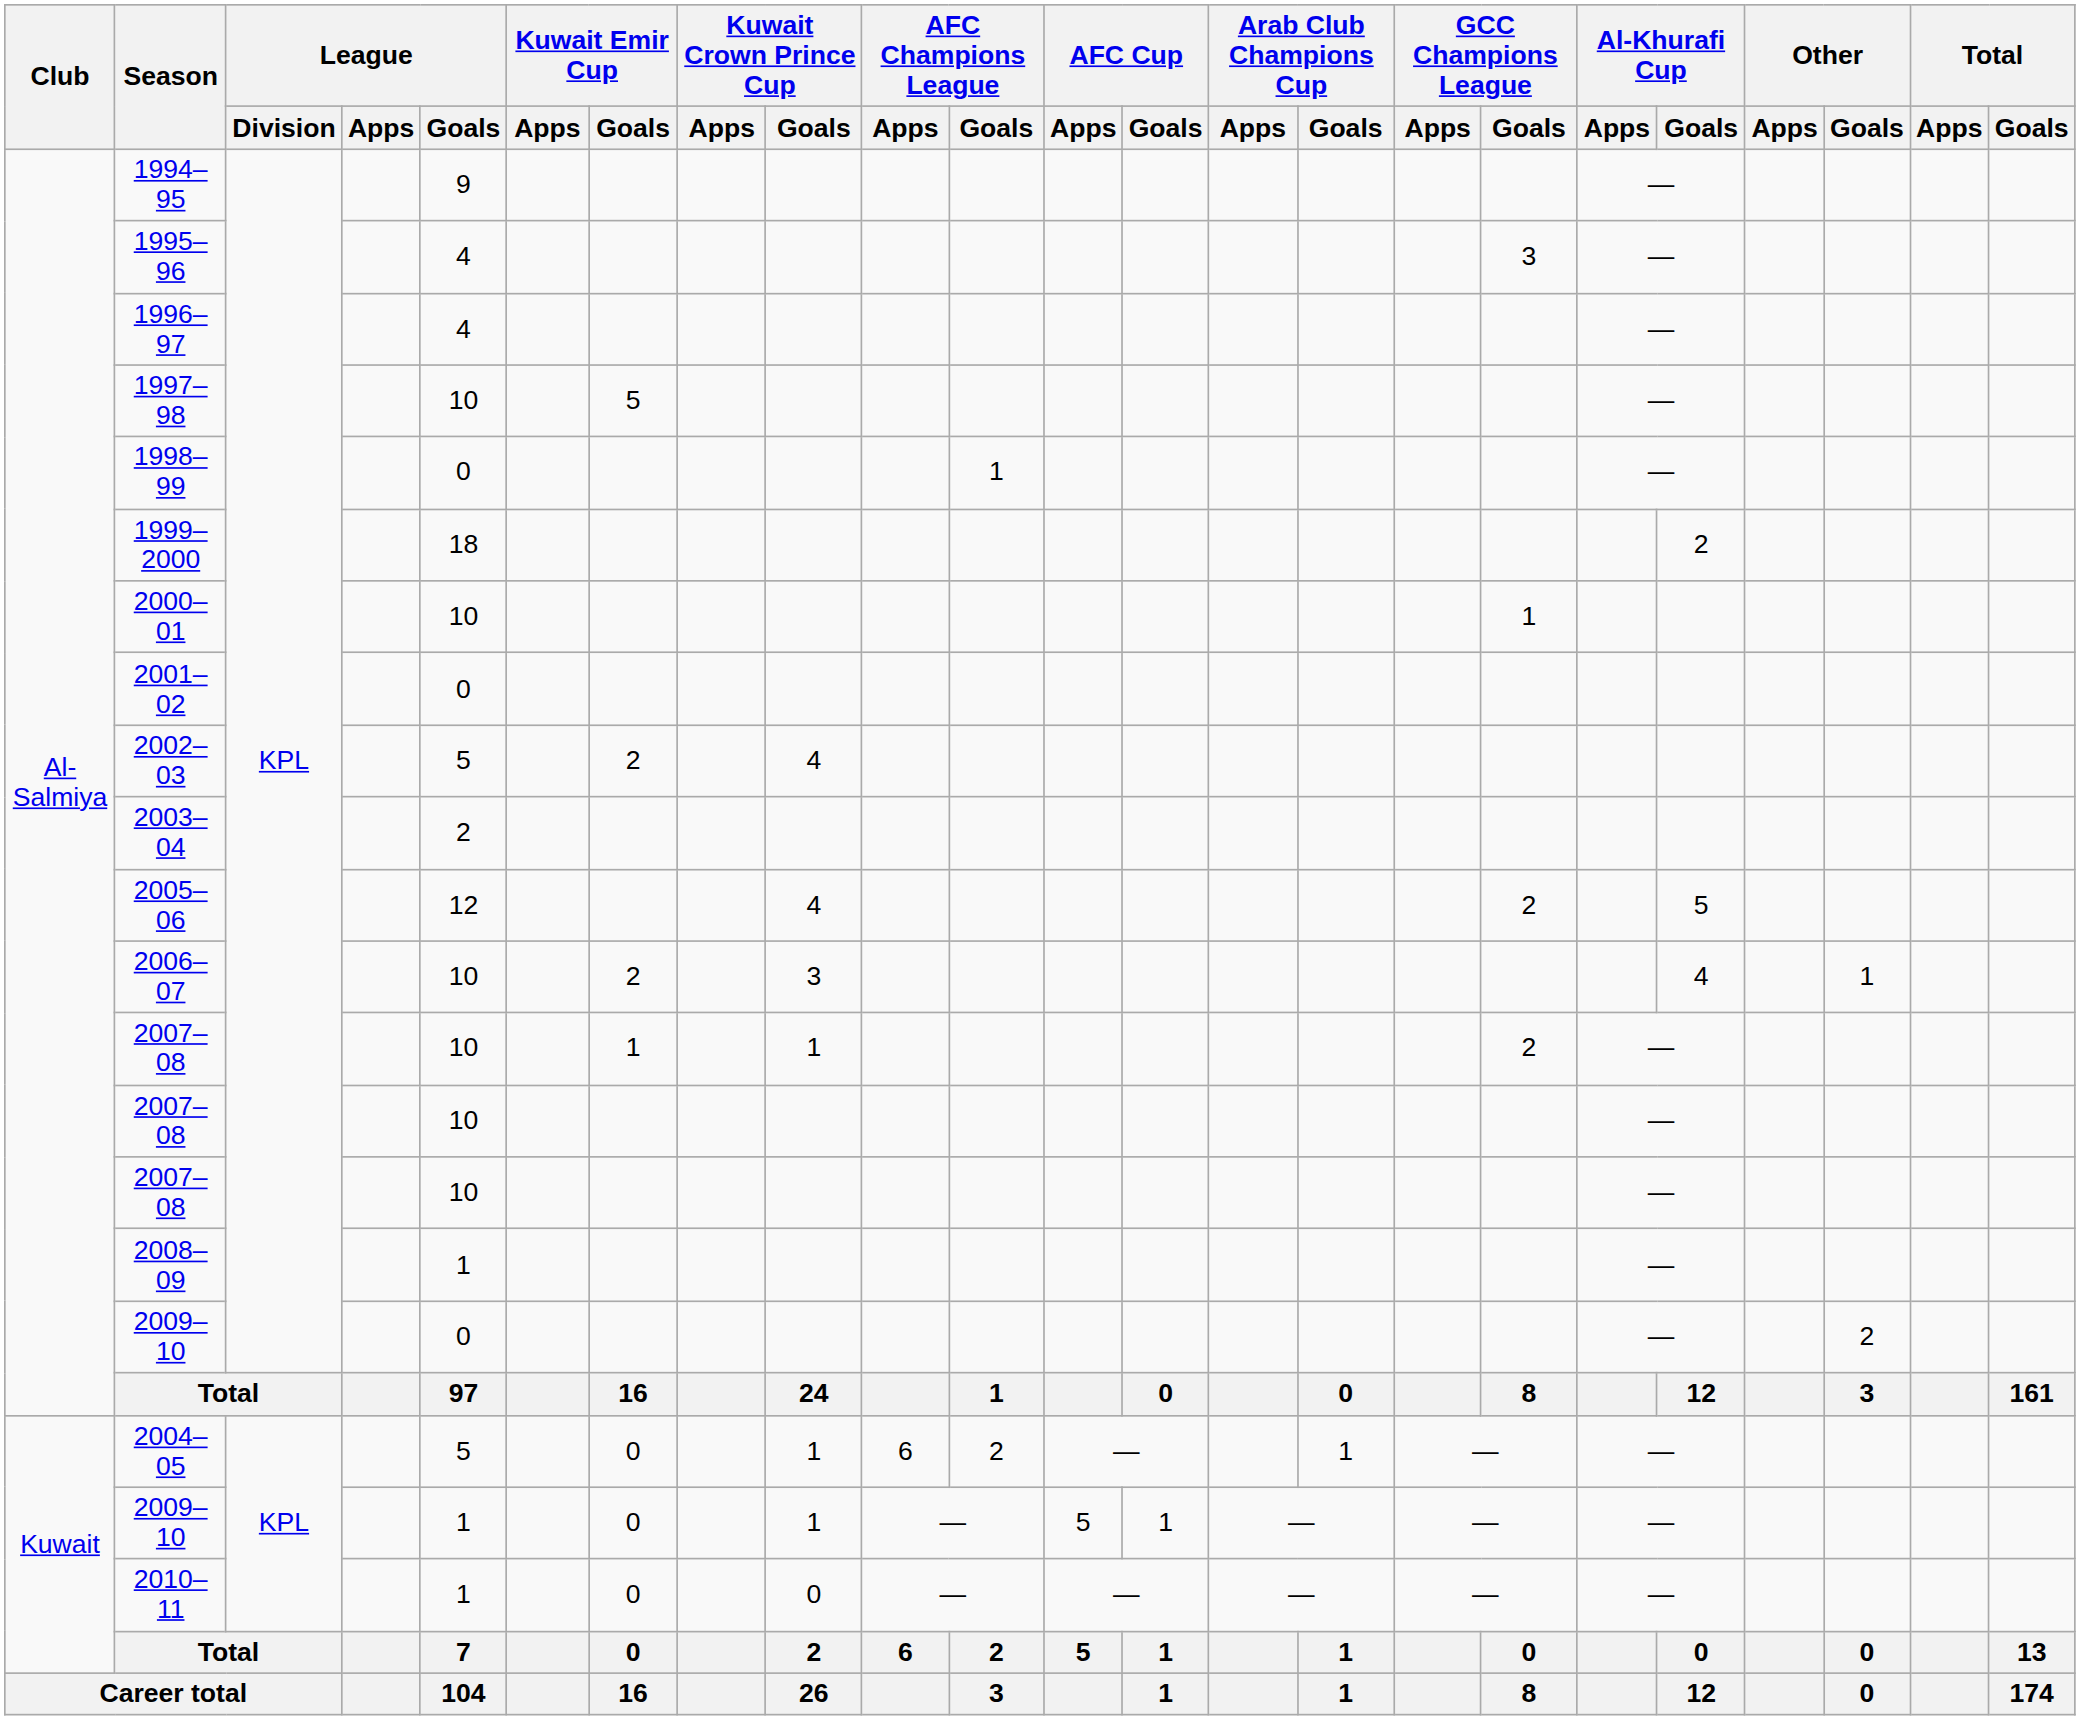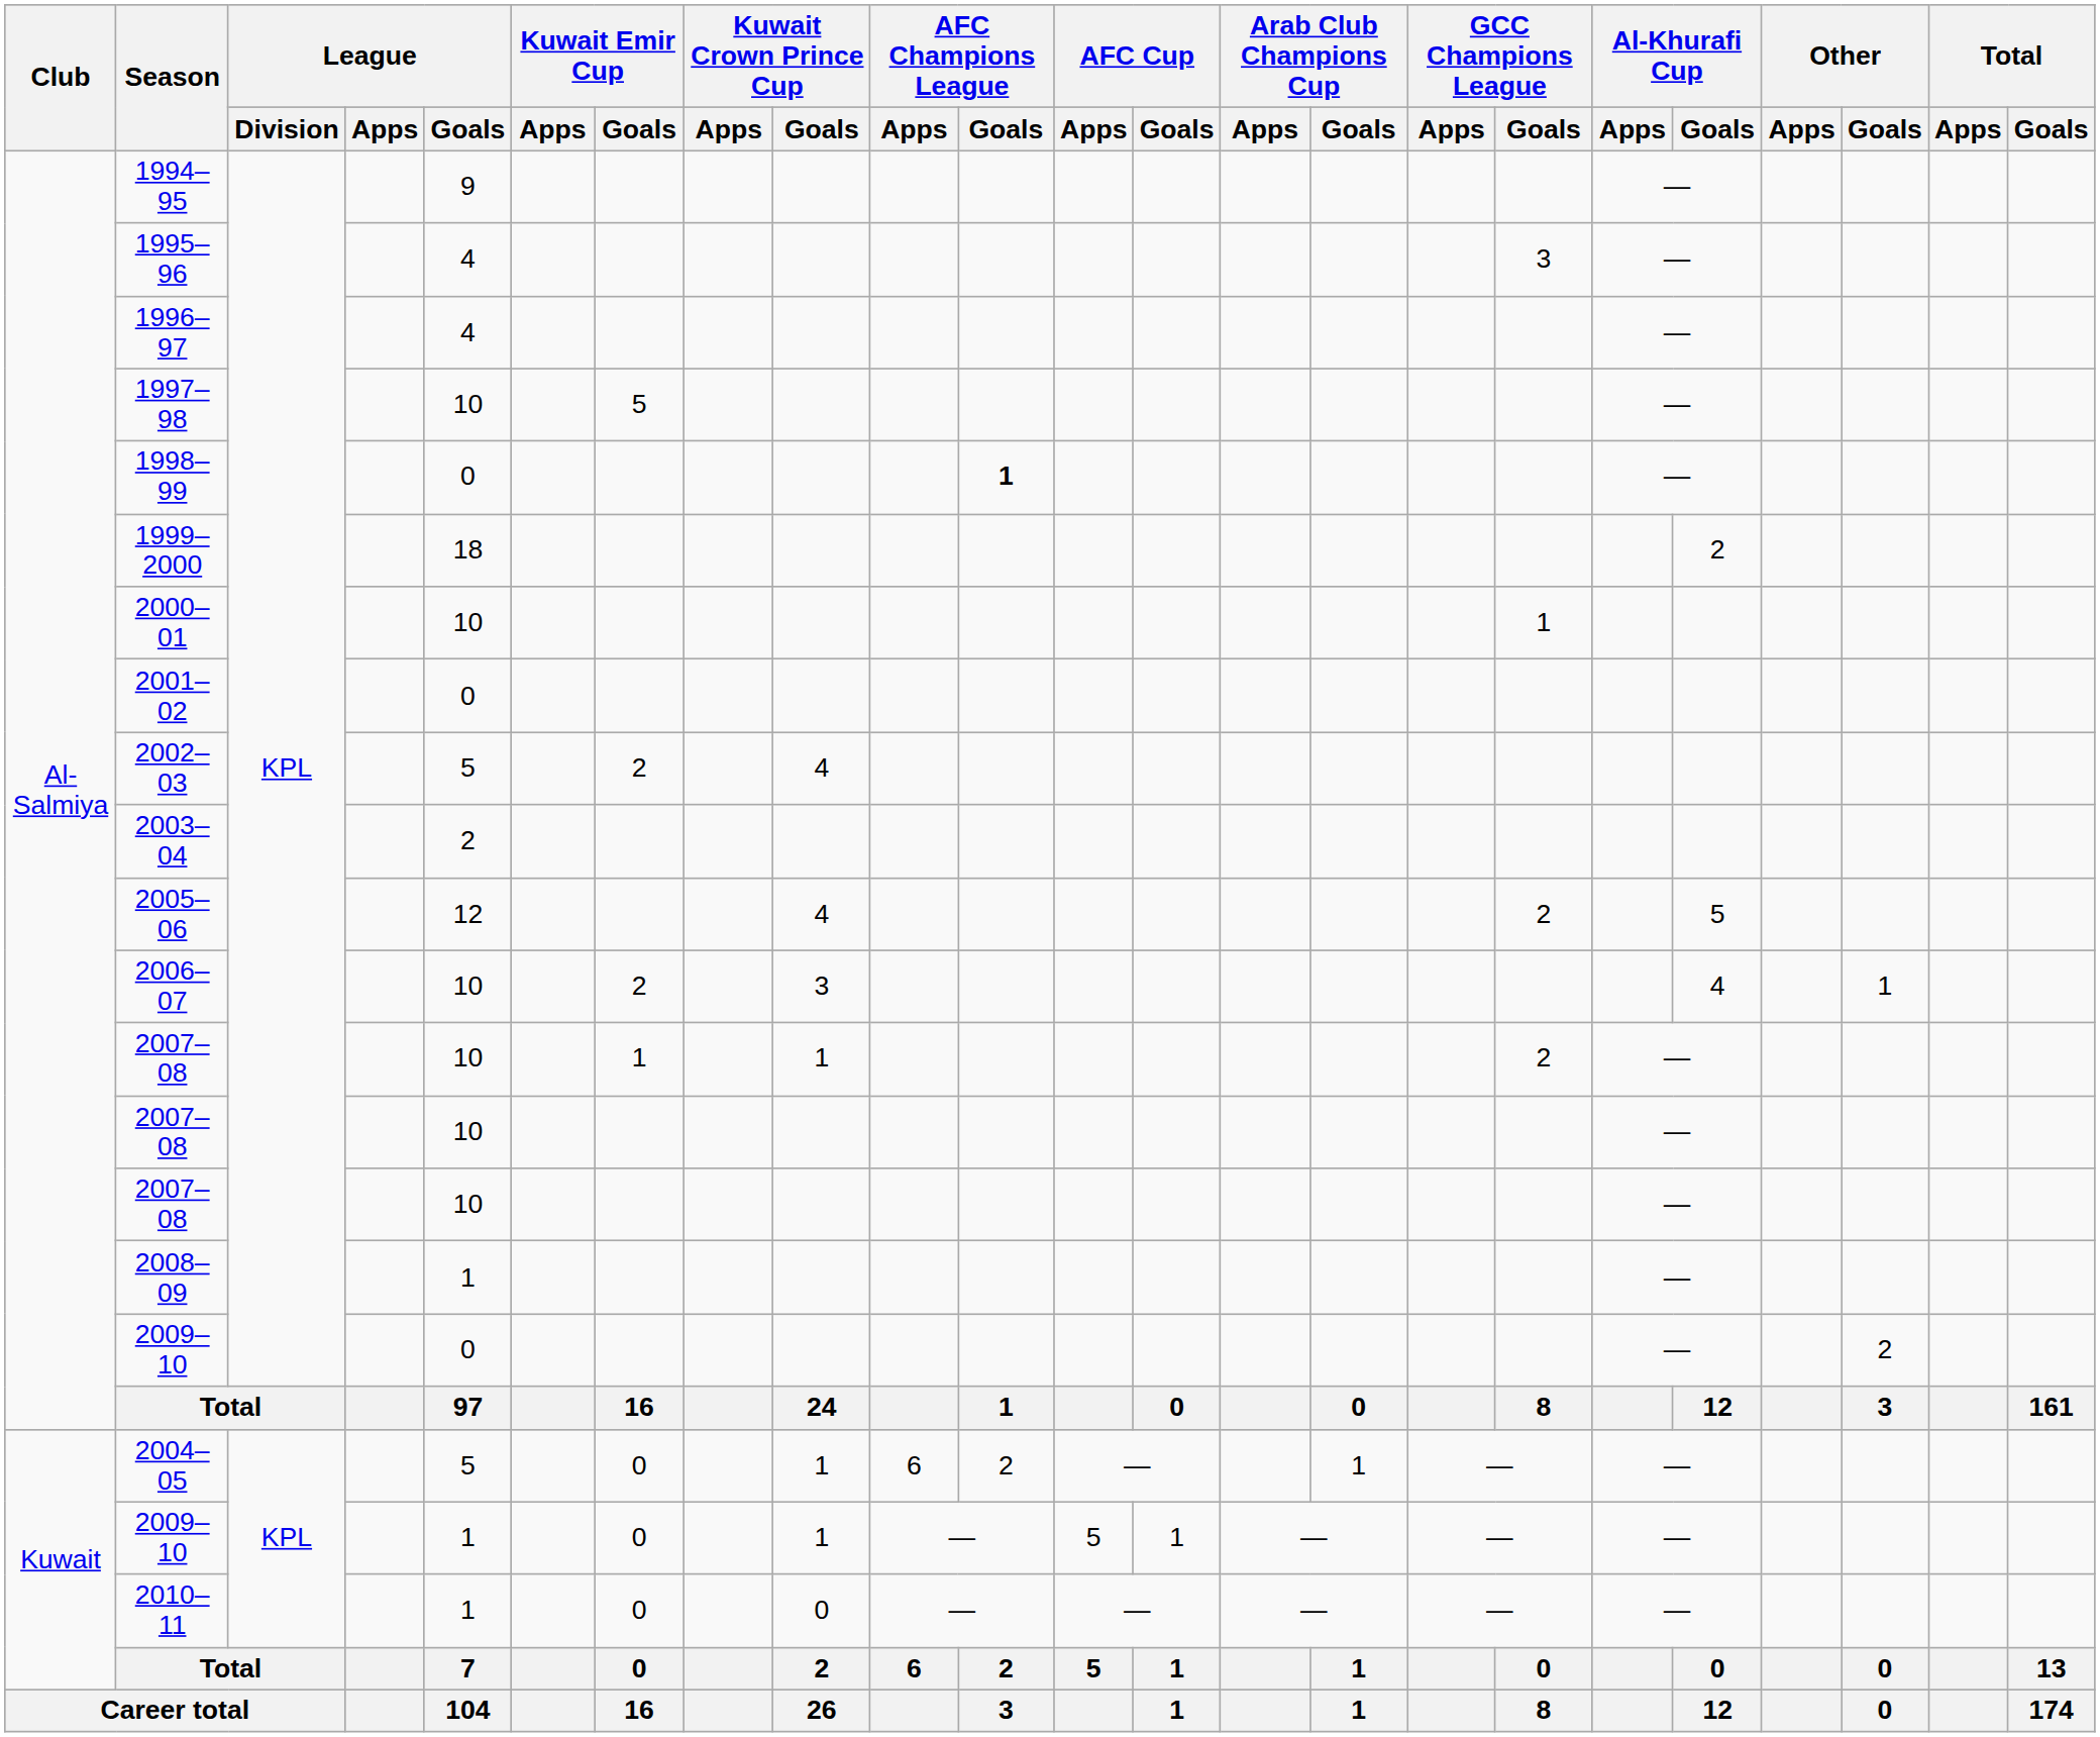 <table class="wikitable" style="text-align:center">
 <tr>
 <th rowspan="2">Club</th>
 <th rowspan="2">Season</th>
 <th colspan="3">League</th>
 <th colspan="2"><a href='#'>Kuwait Emir Cup</a></th>
 <th colspan="2"><a href='#'>Kuwait Crown Prince Cup</a></th>
 <th colspan="2"><a href='#'>AFC Champions League</a></th>
 <th colspan="2"><a href='#'>AFC Cup</a></th>
 <th colspan="2"><a href='#'>Arab Club Champions Cup</a></th>
 <th colspan="2"><a href='#'>GCC Champions League</a></th>
 <th colspan="2"><a href='#'>Al-Khurafi Cup</a></th>
 <th colspan="2">Other</th>
 <th colspan="2">Total</th>
 </tr>
 <tr>
 <th>Division</th>
 <th>Apps</th>
 <th>Goals</th>
 <th>Apps</th>
 <th>Goals</th>
 <th>Apps</th>
 <th>Goals</th>
 <th>Apps</th>
 <th>Goals</th>
 <th>Apps</th>
 <th>Goals</th>
 <th>Apps</th>
 <th>Goals</th>
 <th>Apps</th>
 <th>Goals</th>
 <th>Apps</th>
 <th>Goals</th>
 <th>Apps</th>
 <th>Goals</th>
 <th>Apps</th>
 <th>Goals</th>
 </tr>
 <tr align=center>
 <td rowspan="18" align=center valign=center><a href='#'>Al-Salmiya</a></td>
 <td><a href='#'>1994–95</a></td>
 <td rowspan="17"><a href='#'>KPL</a></td>
 <td></td>
 <td>9</td>
 <td></td>
 <td></td>
 <td></td>
 <td></td>
 <td></td>
 <td></td>
 <td></td>
 <td></td>
 <td></td>
 <td></td>
 <td></td>
 <td></td>
 <td colspan="2">—</td>
 <td></td>
 <td></td>
 <td></td>
 <td></td>
 </tr>
 <tr>
 <td><a href='#'>1995–96</a></td>
 <td></td>
 <td>4</td>
 <td></td>
 <td></td>
 <td></td>
 <td></td>
 <td></td>
 <td></td>
 <td></td>
 <td></td>
 <td></td>
 <td></td>
 <td></td>
 <td>3</td>
 <td colspan="2">—</td>
 <td></td>
 <td></td>
 <td></td>
 <td></td>
 </tr>
 <tr>
 <td><a href='#'>1996–97</a></td>
 <td></td>
 <td>4</td>
 <td></td>
 <td></td>
 <td></td>
 <td></td>
 <td></td>
 <td></td>
 <td></td>
 <td></td>
 <td></td>
 <td></td>
 <td></td>
 <td></td>
 <td colspan="2">—</td>
 <td></td>
 <td></td>
 <td></td>
 <td></td>
 </tr>
 <tr>
 <td><a href='#'>1997–98</a></td>
 <td></td>
 <td>10</td>
 <td></td>
 <td>5</td>
 <td></td>
 <td></td>
 <td></td>
 <td></td>
 <td></td>
 <td></td>
 <td></td>
 <td></td>
 <td></td>
 <td></td>
 <td colspan="2">—</td>
 <td></td>
 <td></td>
 <td></td>
 <td></td>
 </tr>
 <tr>
 <td><a href='#'>1998–99</a></td>
 <td></td>
 <td>0</td>
 <td></td>
 <td></td>
 <td></td>
 <td></td>
 <td></td>
-<td>1</td>
+<td><strong>1</strong></td>
 <td></td>
 <td></td>
 <td></td>
 <td></td>
 <td></td>
 <td></td>
 <td colspan="2">—</td>
 <td></td>
 <td></td>
 <td></td>
 <td></td>
 </tr>
 <tr>
 <td><a href='#'>1999–2000</a></td>
 <td></td>
 <td>18</td>
 <td></td>
 <td></td>
 <td></td>
 <td></td>
 <td></td>
 <td></td>
 <td></td>
 <td></td>
 <td></td>
 <td></td>
 <td></td>
 <td></td>
 <td></td>
 <td>2</td>
 <td></td>
 <td></td>
 <td></td>
 <td></td>
 </tr>
 <tr>
 <td><a href='#'>2000–01</a></td>
 <td></td>
 <td>10</td>
 <td></td>
 <td></td>
 <td></td>
 <td></td>
 <td></td>
 <td></td>
 <td></td>
 <td></td>
 <td></td>
 <td></td>
 <td></td>
 <td>1</td>
 <td></td>
 <td></td>
 <td></td>
 <td></td>
 <td></td>
 <td></td>
 </tr>
 <tr>
 <td><a href='#'>2001–02</a></td>
 <td></td>
 <td>0</td>
 <td></td>
 <td></td>
 <td></td>
 <td></td>
 <td></td>
 <td></td>
 <td></td>
 <td></td>
 <td></td>
 <td></td>
 <td></td>
 <td></td>
 <td></td>
 <td></td>
 <td></td>
 <td></td>
 <td></td>
 <td></td>
 </tr>
 <tr>
 <td><a href='#'>2002–03</a></td>
 <td></td>
 <td>5</td>
 <td></td>
 <td>2</td>
 <td></td>
 <td>4</td>
 <td></td>
 <td></td>
 <td></td>
 <td></td>
 <td></td>
 <td></td>
 <td></td>
 <td></td>
 <td></td>
 <td></td>
 <td></td>
 <td></td>
 <td></td>
 <td></td>
 </tr>
 <tr>
 <td><a href='#'>2003–04</a></td>
 <td></td>
 <td>2</td>
 <td></td>
 <td></td>
 <td></td>
 <td></td>
 <td></td>
 <td></td>
 <td></td>
 <td></td>
 <td></td>
 <td></td>
 <td></td>
 <td></td>
 <td></td>
 <td></td>
 <td></td>
 <td></td>
 <td></td>
 <td></td>
 </tr>
 <tr>
 <td><a href='#'>2005–06</a></td>
 <td></td>
 <td>12</td>
 <td></td>
 <td></td>
 <td></td>
 <td>4</td>
 <td></td>
 <td></td>
 <td></td>
 <td></td>
 <td></td>
 <td></td>
 <td></td>
 <td>2</td>
 <td></td>
 <td>5</td>
 <td></td>
 <td></td>
 <td></td>
 <td></td>
 </tr>
 <tr>
 <td><a href='#'>2006–07</a></td>
 <td></td>
 <td>10</td>
 <td></td>
 <td>2</td>
 <td></td>
 <td>3</td>
 <td></td>
 <td></td>
 <td></td>
 <td></td>
 <td></td>
 <td></td>
 <td></td>
 <td></td>
 <td></td>
 <td>4</td>
 <td></td>
 <td>1</td>
 <td></td>
 <td></td>
 </tr>
 <tr>
 <td><a href='#'>2007–08</a></td>
 <td></td>
 <td>10</td>
 <td></td>
 <td>1</td>
 <td></td>
 <td>1</td>
 <td></td>
 <td></td>
 <td></td>
 <td></td>
 <td></td>
 <td></td>
 <td></td>
 <td>2</td>
 <td colspan="2">—</td>
 <td></td>
 <td></td>
 <td></td>
 <td></td>
 </tr>
 <tr>
 <td><a href='#'>2007–08</a></td>
 <td></td>
 <td>10</td>
 <td></td>
 <td></td>
 <td></td>
 <td></td>
 <td></td>
 <td></td>
 <td></td>
 <td></td>
 <td></td>
 <td></td>
 <td></td>
 <td></td>
 <td colspan="2">—</td>
 <td></td>
 <td></td>
 <td></td>
 <td></td>
 </tr>
 <tr>
 <td><a href='#'>2007–08</a></td>
 <td></td>
 <td>10</td>
 <td></td>
 <td></td>
 <td></td>
 <td></td>
 <td></td>
 <td></td>
 <td></td>
 <td></td>
 <td></td>
 <td></td>
 <td></td>
 <td></td>
 <td colspan="2">—</td>
 <td></td>
 <td></td>
 <td></td>
 <td></td>
 </tr>
 <tr>
 <td><a href='#'>2008–09</a></td>
 <td></td>
 <td>1</td>
 <td></td>
 <td></td>
 <td></td>
 <td></td>
 <td></td>
 <td></td>
 <td></td>
 <td></td>
 <td></td>
 <td></td>
 <td></td>
 <td></td>
 <td colspan="2">—</td>
 <td></td>
 <td></td>
 <td></td>
 <td></td>
 </tr>
 <tr>
 <td><a href='#'>2009–10</a></td>
 <td></td>
 <td>0</td>
 <td></td>
 <td></td>
 <td></td>
 <td></td>
 <td></td>
 <td></td>
 <td></td>
 <td></td>
 <td></td>
 <td></td>
 <td></td>
 <td></td>
 <td colspan="2">—</td>
 <td></td>
 <td>2</td>
 <td></td>
 <td></td>
 </tr>
 <tr align=center>
 <th colspan="2">Total</th>
 <th></th>
 <th>97</th>
 <th></th>
 <th>16</th>
 <th></th>
 <th>24</th>
 <th></th>
 <th>1</th>
 <th></th>
 <th>0</th>
 <th></th>
 <th>0</th>
 <th></th>
 <th>8</th>
 <th></th>
 <th>12</th>
 <th></th>
 <th>3</th>
 <th></th>
 <th>161</th>
 </tr>
 <tr align=center>
 <td rowspan="4" align=center valign=center><a href='#'>Kuwait</a></td>
 <td><a href='#'>2004–05</a></td>
 <td rowspan="3"><a href='#'>KPL</a></td>
 <td></td>
 <td>5</td>
 <td></td>
 <td>0</td>
 <td></td>
 <td>1</td>
 <td>6</td>
 <td>2</td>
 <td colspan="2">—</td>
 <td></td>
 <td>1</td>
 <td colspan="2">—</td>
 <td colspan="2">—</td>
 <td></td>
 <td></td>
 <td></td>
 <td></td>
 </tr>
 <tr>
 <td><a href='#'>2009–10</a></td>
 <td></td>
 <td>1</td>
 <td></td>
 <td>0</td>
 <td></td>
 <td>1</td>
 <td colspan="2">—</td>
 <td>5</td>
 <td>1</td>
 <td colspan="2">—</td>
 <td colspan="2">—</td>
 <td colspan="2">—</td>
 <td></td>
 <td></td>
 <td></td>
 <td></td>
 </tr>
 <tr>
 <td><a href='#'>2010–11</a></td>
 <td></td>
 <td>1</td>
 <td></td>
 <td>0</td>
 <td></td>
 <td>0</td>
 <td colspan="2">—</td>
 <td colspan="2">—</td>
 <td colspan="2">—</td>
 <td colspan="2">—</td>
 <td colspan="2">—</td>
 <td></td>
 <td></td>
 <td></td>
 <td></td>
 </tr>
 <tr align=center>
 <th colspan="2">Total</th>
 <th></th>
 <th>7</th>
 <th></th>
 <th>0</th>
 <th></th>
 <th>2</th>
 <th>6</th>
 <th>2</th>
 <th>5</th>
 <th>1</th>
 <th></th>
 <th>1</th>
 <th></th>
 <th>0</th>
 <th></th>
 <th>0</th>
 <th></th>
 <th>0</th>
 <th></th>
 <th>13</th>
 </tr>
 <tr align=center>
 <th colspan="3">Career total</th>
 <th></th>
 <th>104</th>
 <th></th>
 <th>16</th>
 <th></th>
 <th>26</th>
 <th></th>
 <th>3</th>
 <th></th>
 <th>1</th>
 <th></th>
 <th>1</th>
 <th></th>
 <th>8</th>
 <th></th>
 <th>12</th>
 <th></th>
 <th>0</th>
 <th></th>
 <th>174</th>
 </tr>
 </table>
